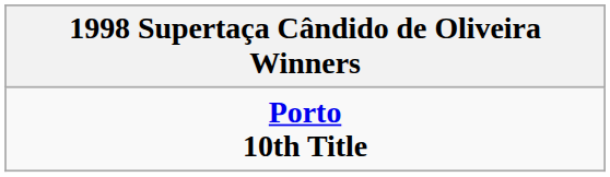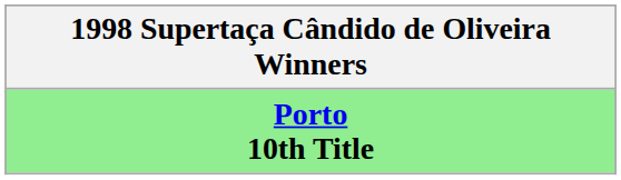 <table class="wikitable" style="text-align: center; margin: 0 auto; width: 20%">
 <tr>
 <th>1998 Supertaça Cândido de Oliveira Winners</th>
 </tr>
 <tr>
-<td><strong><a href='#'>Porto</a></strong><br><strong>10th Title</strong></td>
+<td style="background: lightgreen;"><strong><a href='#'>Porto</a></strong><br><strong>10th Title</strong></td>
 </tr>
 </table>
